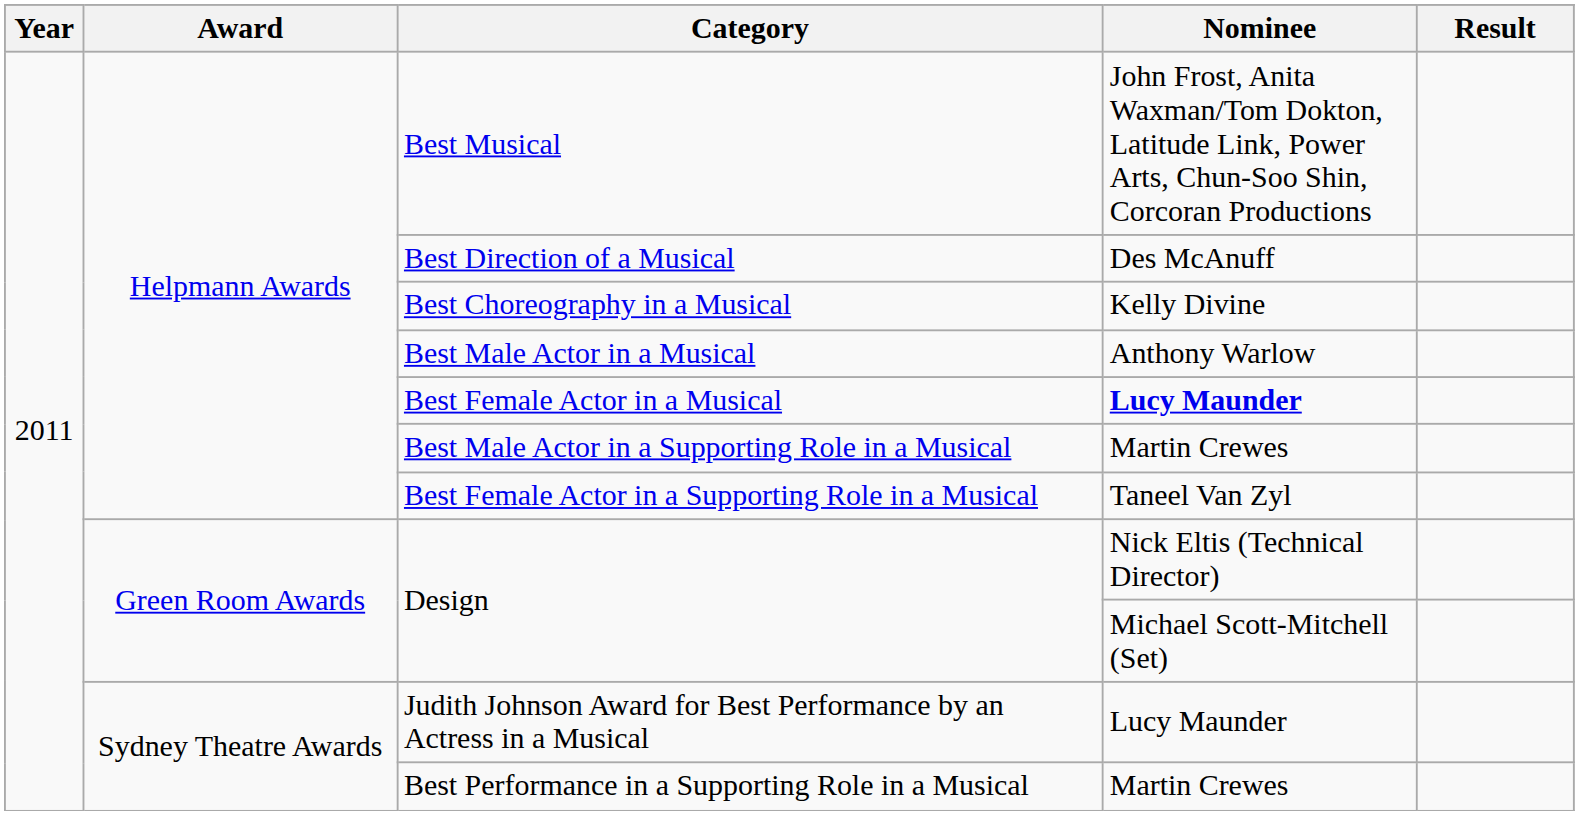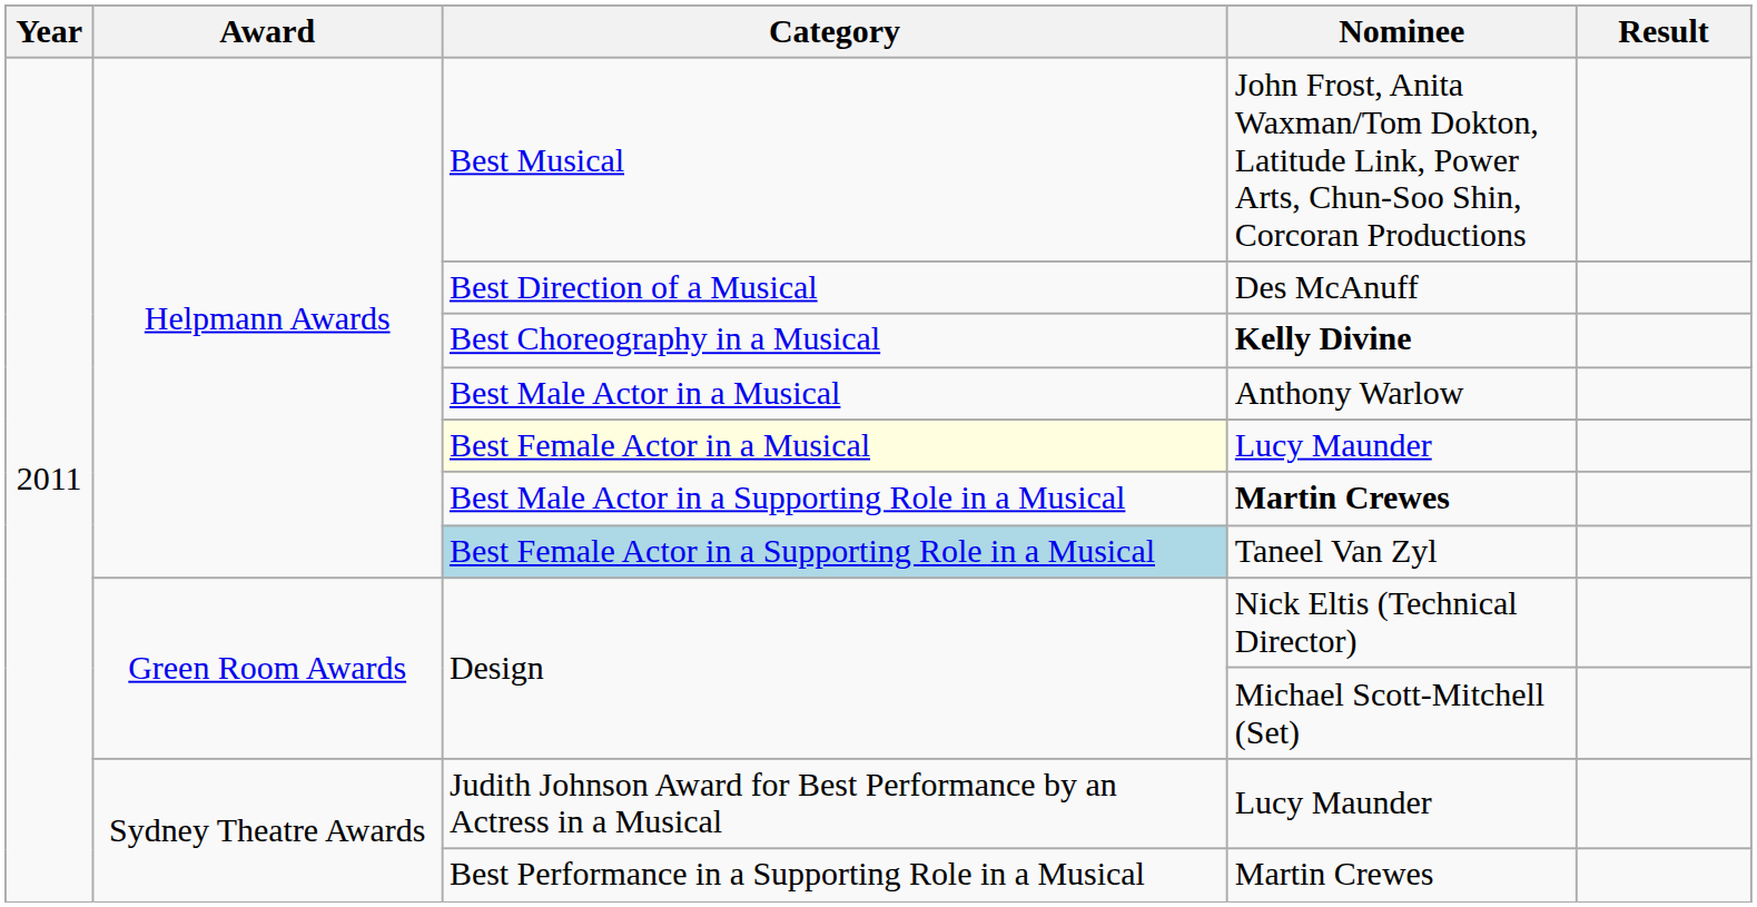 <table class="wikitable" style="width:95%;">
 <tr>
 <th style="width:5%;">Year</th>
 <th style="width:20%;">Award</th>
 <th style="width:45%;">Category</th>
 <th style="width:20%;">Nominee</th>
 <th style="width:10%;">Result</th>
 </tr>
 <tr>
 <td rowspan="11" style="text-align:center;">2011</td>
 <td rowspan="7" style="text-align:center;"><a href='#'>Helpmann Awards</a></td>
 <td><a href='#'>Best Musical</a></td>
 <td>John Frost, Anita Waxman/Tom Dokton, Latitude Link, Power Arts, Chun-Soo Shin, Corcoran Productions</td>
 <td></td>
 </tr>
 <tr>
 <td><a href='#'>Best Direction of a Musical</a></td>
 <td>Des McAnuff</td>
 <td></td>
 </tr>
 <tr>
 <td><a href='#'>Best Choreography in a Musical</a></td>
-<td>Kelly Divine</td>
+<td><strong>Kelly Divine</strong></td>
 <td></td>
 </tr>
 <tr>
 <td><a href='#'>Best Male Actor in a Musical</a></td>
 <td>Anthony Warlow</td>
 <td></td>
 </tr>
 <tr>
-<td><a href='#'>Best Female Actor in a Musical</a></td>
-<td><strong><a href='#'>Lucy Maunder</a></strong></td>
+<td style="background: lightyellow;"><a href='#'>Best Female Actor in a Musical</a></td>
+<td><a href='#'>Lucy Maunder</a></td>
 <td></td>
 </tr>
 <tr>
 <td><a href='#'>Best Male Actor in a Supporting Role in a Musical</a></td>
-<td>Martin Crewes</td>
+<td><strong>Martin Crewes</strong></td>
 <td></td>
 </tr>
 <tr>
-<td><a href='#'>Best Female Actor in a Supporting Role in a Musical</a></td>
+<td style="background: lightblue;"><a href='#'>Best Female Actor in a Supporting Role in a Musical</a></td>
 <td>Taneel Van Zyl</td>
 <td></td>
 </tr>
 <tr>
 <td rowspan="2" style="text-align:center;"><a href='#'>Green Room Awards</a></td>
 <td rowspan="2">Design</td>
 <td>Nick Eltis (Technical Director)</td>
 <td></td>
 </tr>
 <tr>
 <td>Michael Scott-Mitchell (Set)</td>
 <td></td>
 </tr>
 <tr>
 <td rowspan="2" style="text-align:center;">Sydney Theatre Awards</td>
 <td>Judith Johnson Award for Best Performance by an Actress in a Musical</td>
 <td>Lucy Maunder</td>
 <td></td>
 </tr>
 <tr>
 <td>Best Performance in a Supporting Role in a Musical</td>
 <td>Martin Crewes</td>
 <td></td>
 </tr>
 </table>
